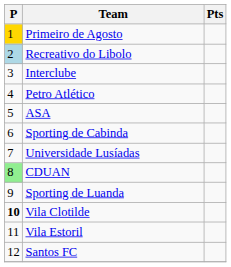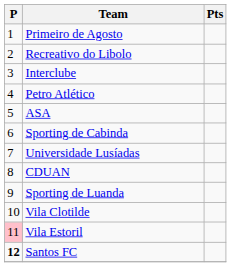 <table class="wikitable">
 <tr>
 <th>P</th>
 <th width=225>Team</th>
 <th>Pts</th>
 </tr>
 <tr>
-<td style="background: gold;">1</td>
+<td>1</td>
 <td><a href='#'>Primeiro de Agosto</a></td>
 <td></td>
 </tr>
 <tr>
-<td style="background: lightblue;">2</td>
+<td>2</td>
 <td><a href='#'>Recreativo do Libolo</a></td>
 <td></td>
 </tr>
 <tr>
 <td>3</td>
 <td><a href='#'>Interclube</a></td>
 <td></td>
 </tr>
 <tr>
 <td>4</td>
 <td><a href='#'>Petro Atlético</a></td>
 <td></td>
 </tr>
 <tr>
 <td>5</td>
 <td><a href='#'>ASA</a></td>
 <td></td>
 </tr>
 <tr>
 <td>6</td>
 <td><a href='#'>Sporting de Cabinda</a></td>
 <td></td>
 </tr>
 <tr>
 <td>7</td>
 <td><a href='#'>Universidade Lusíadas</a></td>
 <td></td>
 </tr>
 <tr>
-<td style="background: lightgreen;">8</td>
+<td>8</td>
 <td><a href='#'>CDUAN</a></td>
 <td></td>
 </tr>
 <tr>
 <td>9</td>
 <td><a href='#'>Sporting de Luanda</a></td>
 <td></td>
 </tr>
 <tr>
-<td><strong>10</strong></td>
+<td>10</td>
 <td><a href='#'>Vila Clotilde</a></td>
 <td></td>
 </tr>
 <tr>
-<td>11</td>
+<td style="background: pink;">11</td>
 <td><a href='#'>Vila Estoril</a></td>
 <td></td>
 </tr>
 <tr>
-<td>12</td>
+<td><strong>12</strong></td>
 <td><a href='#'>Santos FC</a></td>
 <td></td>
 </tr>
 <tr>
 </tr>
 </table>
